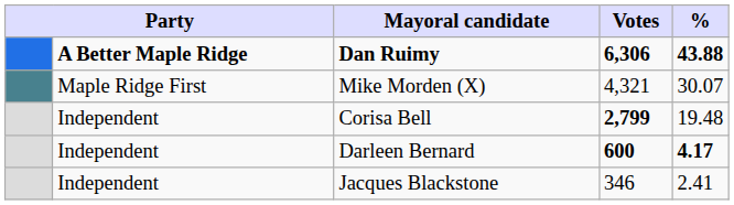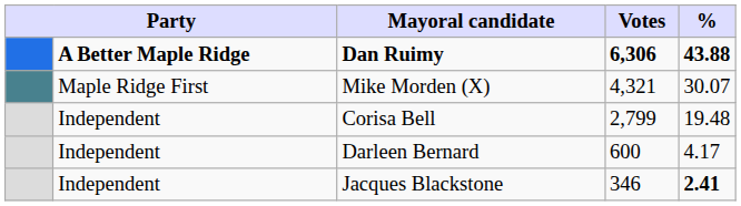 <table class="wikitable">
 <tr>
 <th style="background:#ddf;" width="250px" colspan="2">Party</th>
 <th style="background:#ddf;" width="200px">Mayoral candidate</th>
 <th style="background:#ddf;" width="50px">Votes</th>
 <th style="background:#ddf;" width="30px">%</th>
 </tr>
 <tr>
 <td style="background:#2170e6;" width="30px"> </td>
 <td><strong>A Better Maple Ridge</strong></td>
 <td><strong>Dan Ruimy</strong></td>
 <td><strong>6,306</strong></td>
 <td><strong>43.88</strong></td>
 </tr>
 <tr>
 <td style="background:#48818e;" width="30px"> </td>
 <td>Maple Ridge First</td>
 <td>Mike Morden (X)</td>
 <td>4,321</td>
 <td>30.07</td>
 </tr>
 <tr>
 <td style="background:gainsboro" width="30px"> </td>
 <td>Independent</td>
 <td>Corisa Bell</td>
-<td><strong>2,799</strong></td>
+<td>2,799</td>
 <td>19.48</td>
 </tr>
 <tr>
 <td style="background:gainsboro" width="30px"> </td>
 <td>Independent</td>
 <td>Darleen Bernard</td>
-<td><strong>600</strong></td>
-<td><strong>4.17</strong></td>
+<td>600</td>
+<td>4.17</td>
 </tr>
 <tr>
 <td style="background:gainsboro" width="30px"> </td>
 <td>Independent</td>
 <td>Jacques Blackstone</td>
 <td>346</td>
-<td>2.41</td>
+<td><strong>2.41</strong></td>
 </tr>
 </table>
